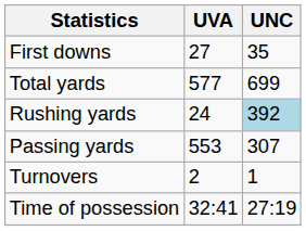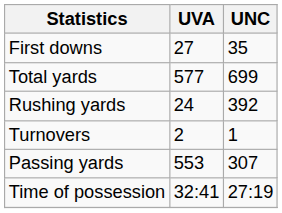 <table class="wikitable">
 <tr>
 <th>Statistics</th>
 <th>UVA</th>
 <th>UNC</th>
 </tr>
 <tr>
 <td>First downs</td>
 <td>27</td>
 <td>35</td>
 </tr>
 <tr>
 <td>Total yards</td>
 <td>577</td>
 <td>699</td>
 </tr>
 <tr>
 <td>Rushing yards</td>
 <td>24</td>
-<td style="background: lightblue;">392</td>
+<td>392</td>
+</tr>
+<tr>
+<td>Turnovers</td>
+<td>2</td>
+<td>1</td>
 </tr>
 <tr>
 <td>Passing yards</td>
 <td>553</td>
 <td>307</td>
-</tr>
-<tr>
-<td>Turnovers</td>
-<td>2</td>
-<td>1</td>
 </tr>
 <tr>
 <td>Time of possession</td>
 <td>32:41</td>
 <td>27:19</td>
 </tr>
 <tr>
 </tr>
 </table>
